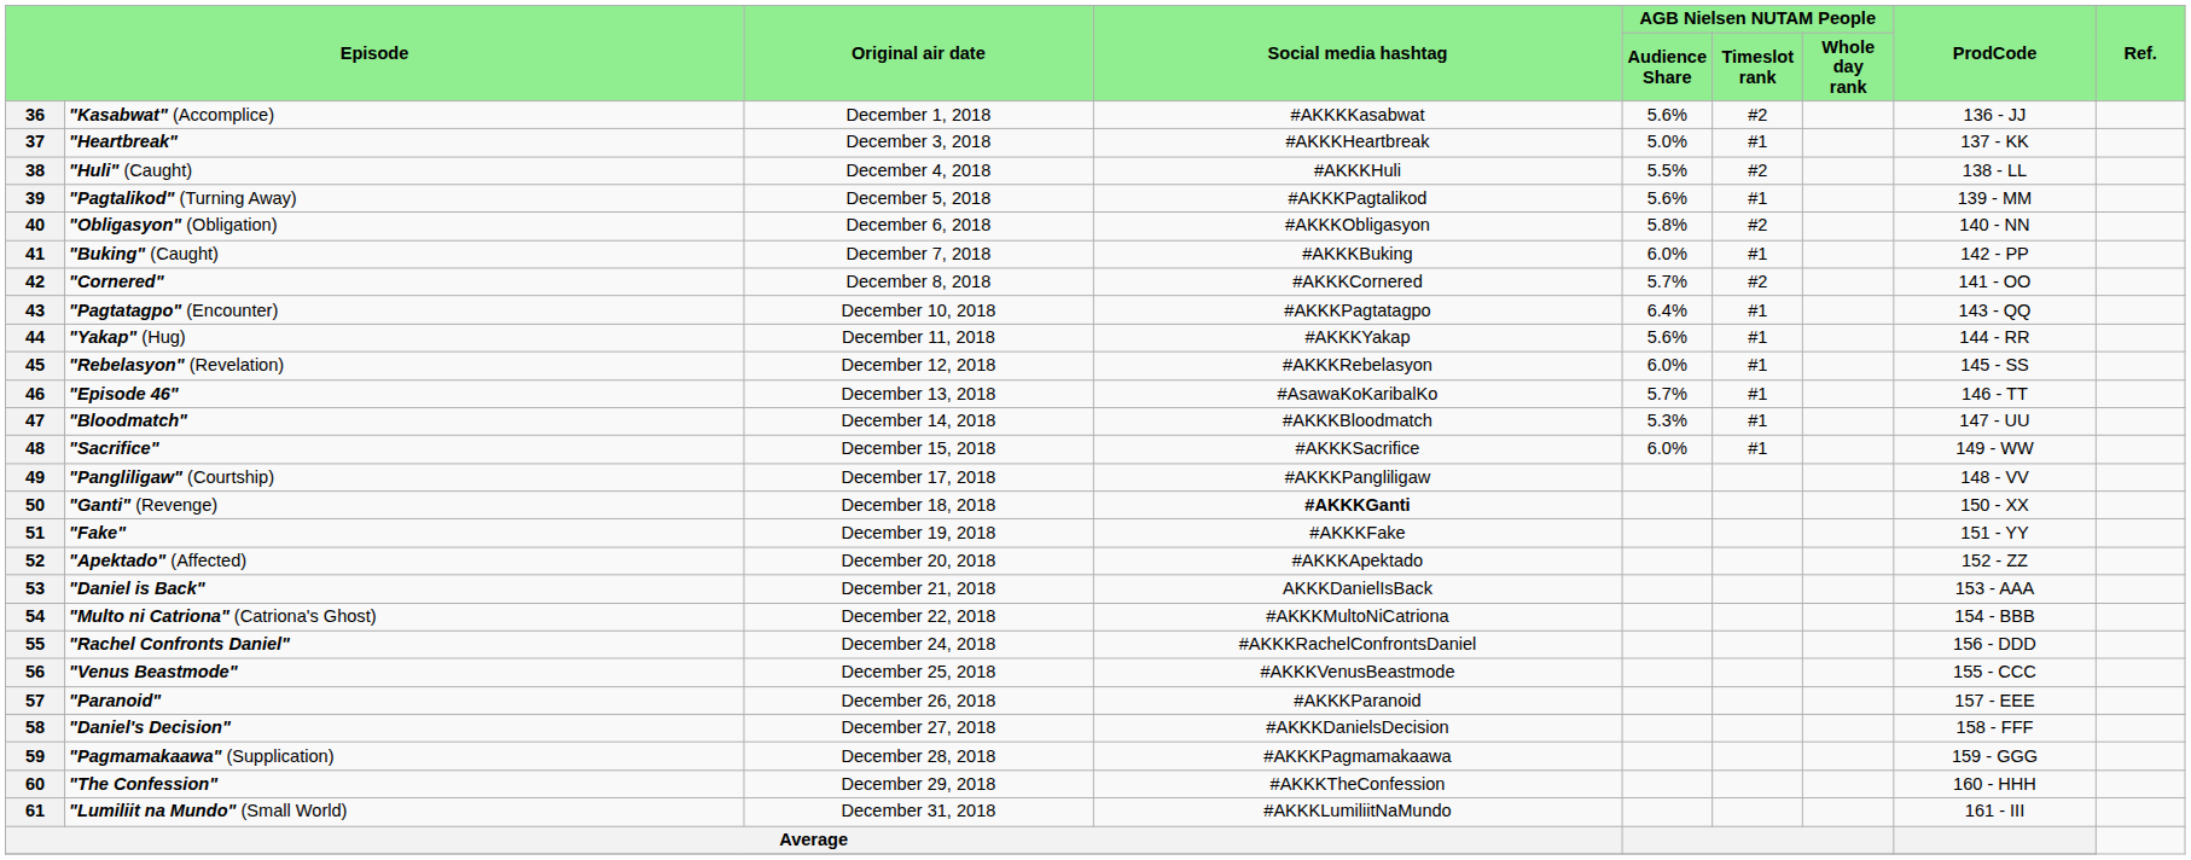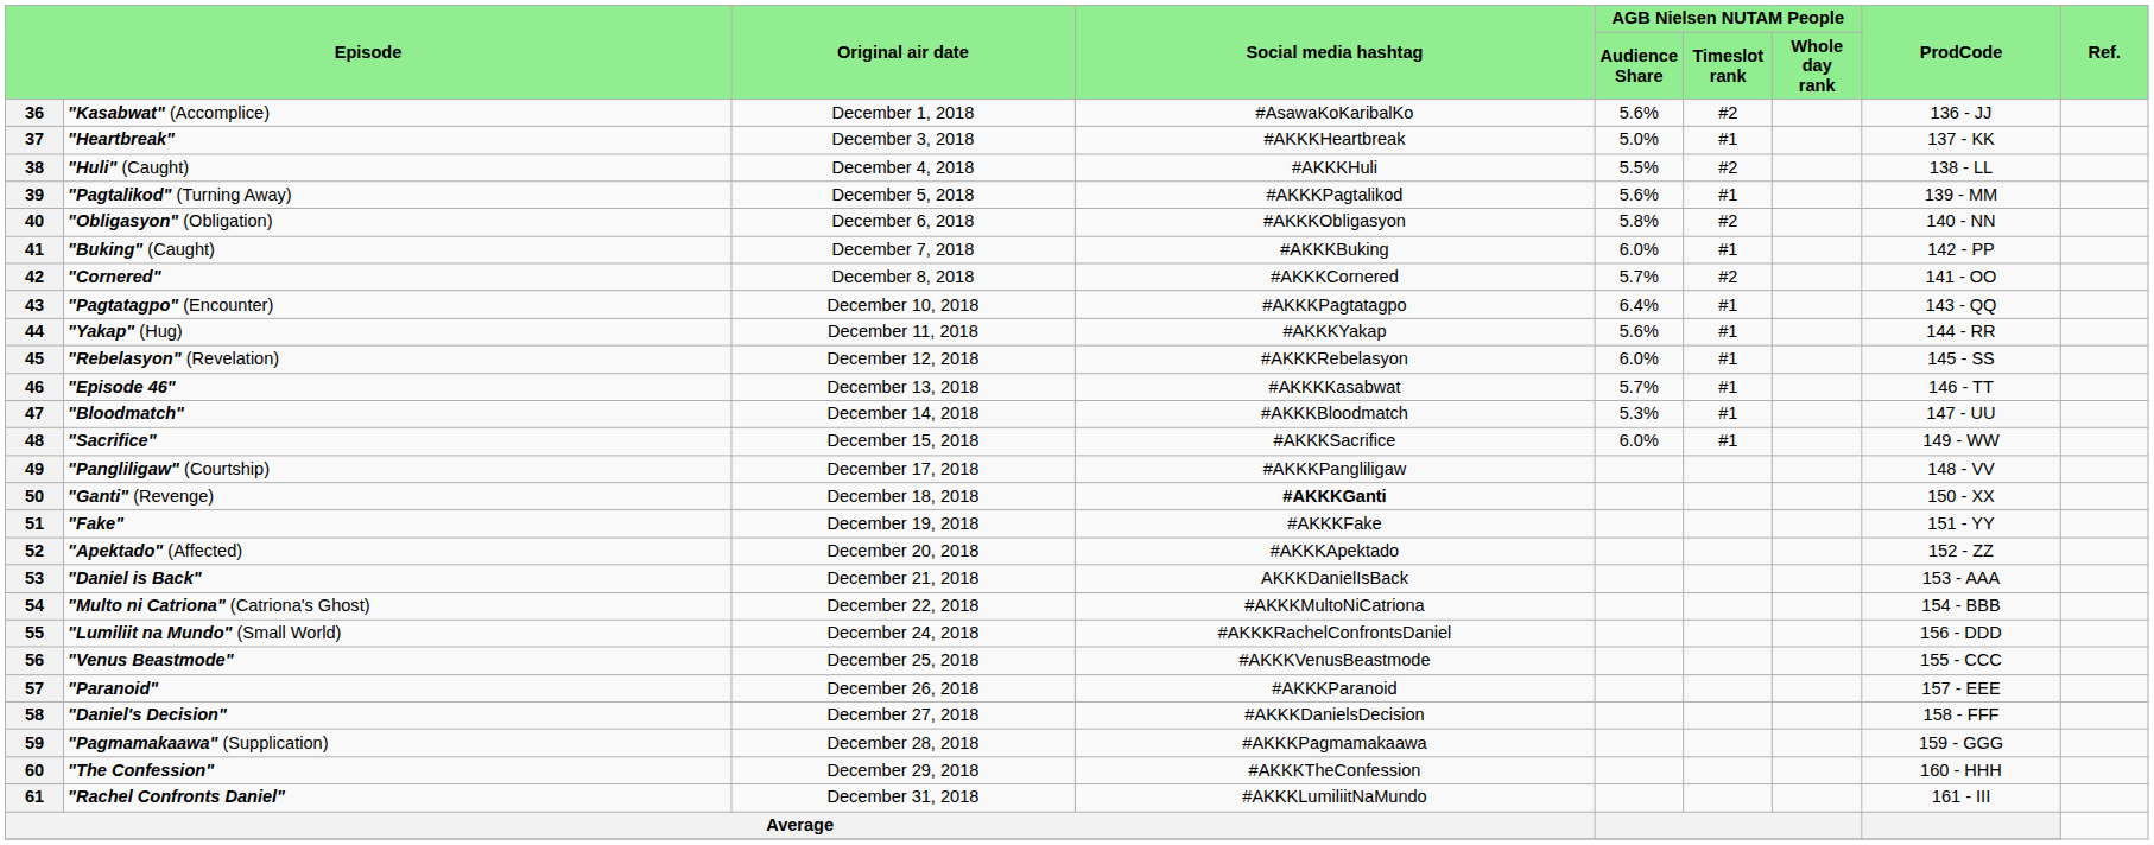 <table class="wikitable" style="text-align:center; font-size:100%; line-height:18px;" width="100%">
 <tr>
 <th style="background-color:#90EE90; color:#000000;" colspan="2" rowspan="2">Episode</th>
 <th style="background-color:#90EE90; color:black" rowspan="2">Original air date</th>
 <th style="background-color:#90EE90; color:black" rowspan="2">Social media hashtag</th>
 <th style="background-color:#90EE90; color:#000000;" colspan="3">AGB Nielsen NUTAM People</th>
 <th style="background-color:#90EE90; color:#000000;" rowspan="2">ProdCode</th>
 <th style="background-color:#90EE90; color:#000000;" rowspan="2">Ref.</th>
 </tr>
 <tr>
 <th style="background-color:#90EE90; width:75px; color:#000000;">Audience Share</th>
 <th style="background-color:#90EE90; width:75px; color:#000000;">Timeslot<br>rank</th>
 <th style="background-color:#90EE90; width:75px; color:#000000;">Whole day<br>rank</th>
 </tr>
 <tr>
 <th>36</th>
 <td style="text-align: left;"><strong><em>"Kasabwat"</em></strong> (Accomplice)</td>
 <td>December 1, 2018</td>
-<td>#AKKKKasabwat</td>
+<td>#AsawaKoKaribalKo</td>
 <td>5.6%</td>
 <td>#2</td>
 <td></td>
 <td>136 - JJ</td>
 <td></td>
 </tr>
 <tr>
 <th>37</th>
 <td style="text-align: left;"><strong><em>"Heartbreak"</em></strong></td>
 <td>December 3, 2018</td>
 <td>#AKKKHeartbreak</td>
 <td>5.0%</td>
 <td>#1</td>
 <td></td>
 <td>137 - KK</td>
 <td></td>
 </tr>
 <tr>
 <th>38</th>
 <td style="text-align: left;"><strong><em>"Huli"</em></strong> (Caught)</td>
 <td>December 4, 2018</td>
 <td>#AKKKHuli</td>
 <td>5.5%</td>
 <td>#2</td>
 <td></td>
 <td>138 - LL</td>
 <td></td>
 </tr>
 <tr>
 <th>39</th>
 <td style="text-align: left;"><strong><em>"Pagtalikod"</em></strong> (Turning Away)</td>
 <td>December 5, 2018</td>
 <td>#AKKKPagtalikod</td>
 <td>5.6%</td>
 <td>#1</td>
 <td></td>
 <td>139 - MM</td>
 <td></td>
 </tr>
 <tr>
 <th>40</th>
 <td style="text-align: left;"><strong><em>"Obligasyon"</em></strong> (Obligation)</td>
 <td>December 6, 2018</td>
 <td>#AKKKObligasyon</td>
 <td>5.8%</td>
 <td>#2</td>
 <td></td>
 <td>140 - NN</td>
 <td></td>
 </tr>
 <tr>
 <th>41</th>
 <td style="text-align: left;"><strong><em>"Buking"</em></strong> (Caught)</td>
 <td>December 7, 2018</td>
 <td>#AKKKBuking</td>
 <td>6.0%</td>
 <td>#1</td>
 <td></td>
 <td>142 - PP</td>
 <td></td>
 </tr>
 <tr>
 <th>42</th>
 <td style="text-align: left;"><strong><em>"Cornered"</em></strong></td>
 <td>December 8, 2018</td>
 <td>#AKKKCornered</td>
 <td>5.7%</td>
 <td>#2</td>
 <td></td>
 <td>141 - OO</td>
 <td></td>
 </tr>
 <tr>
 <th>43</th>
 <td style="text-align: left;"><strong><em>"Pagtatagpo"</em></strong> (Encounter)</td>
 <td>December 10, 2018</td>
 <td>#AKKKPagtatagpo</td>
 <td>6.4%</td>
 <td>#1</td>
 <td></td>
 <td>143 - QQ</td>
 <td></td>
 </tr>
 <tr>
 <th>44</th>
 <td style="text-align: left;"><strong><em>"Yakap"</em></strong> (Hug)</td>
 <td>December 11, 2018</td>
 <td>#AKKKYakap</td>
 <td>5.6%</td>
 <td>#1</td>
 <td></td>
 <td>144 - RR</td>
 <td></td>
 </tr>
 <tr>
 <th>45</th>
 <td style="text-align: left;"><strong><em>"Rebelasyon"</em></strong> (Revelation)</td>
 <td>December 12, 2018</td>
 <td>#AKKKRebelasyon</td>
 <td>6.0%</td>
 <td>#1</td>
 <td></td>
 <td>145 - SS</td>
 <td></td>
 </tr>
 <tr>
 <th>46</th>
 <td style="text-align: left;"><strong><em>"Episode 46"</em></strong></td>
 <td>December 13, 2018</td>
-<td>#AsawaKoKaribalKo</td>
+<td>#AKKKKasabwat</td>
 <td>5.7%</td>
 <td>#1</td>
 <td></td>
 <td>146 - TT</td>
 <td></td>
 </tr>
 <tr>
 <th>47</th>
 <td style="text-align: left;"><strong><em>"Bloodmatch"</em></strong></td>
 <td>December 14, 2018</td>
 <td>#AKKKBloodmatch</td>
 <td>5.3%</td>
 <td>#1</td>
 <td></td>
 <td>147 - UU</td>
 <td></td>
 </tr>
 <tr>
 <th>48</th>
 <td style="text-align: left;"><strong><em>"Sacrifice"</em></strong></td>
 <td>December 15, 2018</td>
 <td>#AKKKSacrifice</td>
 <td>6.0%</td>
 <td>#1</td>
 <td></td>
 <td>149 - WW</td>
 <td></td>
 </tr>
 <tr>
 <th>49</th>
 <td style="text-align: left;"><strong><em>"Pangliligaw"</em></strong> (Courtship)</td>
 <td>December 17, 2018</td>
 <td>#AKKKPangliligaw</td>
 <td></td>
 <td></td>
 <td></td>
 <td>148 - VV</td>
 <td></td>
 </tr>
 <tr>
 <th>50</th>
 <td style="text-align: left;"><strong><em>"Ganti"</em></strong> (Revenge)</td>
 <td>December 18, 2018</td>
 <td><strong>#AKKKGanti</strong></td>
 <td></td>
 <td></td>
 <td></td>
 <td>150 - XX</td>
 <td></td>
 </tr>
 <tr>
 <th>51</th>
 <td style="text-align: left;"><strong><em>"Fake"</em></strong></td>
 <td>December 19, 2018</td>
 <td>#AKKKFake</td>
 <td></td>
 <td></td>
 <td></td>
 <td>151 - YY</td>
 <td></td>
 </tr>
 <tr>
 <th>52</th>
 <td style="text-align: left;"><strong><em>"Apektado"</em></strong> (Affected)</td>
 <td>December 20, 2018</td>
 <td>#AKKKApektado</td>
 <td></td>
 <td></td>
 <td></td>
 <td>152 - ZZ</td>
 <td></td>
 </tr>
 <tr>
 <th>53</th>
 <td style="text-align: left;"><strong><em>"Daniel is Back"</em></strong></td>
 <td>December 21, 2018</td>
 <td>AKKKDanielIsBack</td>
 <td></td>
 <td></td>
 <td></td>
 <td>153 - AAA</td>
 <td></td>
 </tr>
 <tr>
 <th>54</th>
 <td style="text-align: left;"><strong><em>"Multo ni Catriona"</em></strong> (Catriona's Ghost)</td>
 <td>December 22, 2018</td>
 <td>#AKKKMultoNiCatriona</td>
 <td></td>
 <td></td>
 <td></td>
 <td>154 - BBB</td>
 <td></td>
 </tr>
 <tr>
 <th>55</th>
-<td style="text-align: left;"><strong><em>"Rachel Confronts Daniel"</em></strong></td>
+<td style="text-align: left;"><strong><em>"Lumiliit na Mundo"</em></strong> (Small World)</td>
 <td>December 24, 2018</td>
 <td>#AKKKRachelConfrontsDaniel</td>
 <td></td>
 <td></td>
 <td></td>
 <td>156 - DDD</td>
 <td></td>
 </tr>
 <tr>
 <th>56</th>
 <td style="text-align: left;"><strong><em>"Venus Beastmode"</em></strong></td>
 <td>December 25, 2018</td>
 <td>#AKKKVenusBeastmode</td>
 <td></td>
 <td></td>
 <td></td>
 <td>155 - CCC</td>
 <td></td>
 </tr>
 <tr>
 <th>57</th>
 <td style="text-align: left;"><strong><em>"Paranoid"</em></strong></td>
 <td>December 26, 2018</td>
 <td>#AKKKParanoid</td>
 <td></td>
 <td></td>
 <td></td>
 <td>157 - EEE</td>
 <td></td>
 </tr>
 <tr>
 <th>58</th>
 <td style="text-align: left;"><strong><em>"Daniel's Decision"</em></strong></td>
 <td>December 27, 2018</td>
 <td>#AKKKDanielsDecision</td>
 <td></td>
 <td></td>
 <td></td>
 <td>158 - FFF</td>
 <td></td>
 </tr>
 <tr>
 <th>59</th>
 <td style="text-align: left;"><strong><em>"Pagmamakaawa"</em></strong> (Supplication)</td>
 <td>December 28, 2018</td>
 <td>#AKKKPagmamakaawa</td>
 <td></td>
 <td></td>
 <td></td>
 <td>159 - GGG</td>
 <td></td>
 </tr>
 <tr>
 <th>60</th>
 <td style="text-align: left;"><strong><em>"The Confession"</em></strong></td>
 <td>December 29, 2018</td>
 <td>#AKKKTheConfession</td>
 <td></td>
 <td></td>
 <td></td>
 <td>160 - HHH</td>
 <td></td>
 </tr>
 <tr>
 <th>61</th>
-<td style="text-align: left;"><strong><em>"Lumiliit na Mundo"</em></strong> (Small World)</td>
+<td style="text-align: left;"><strong><em>"Rachel Confronts Daniel"</em></strong></td>
 <td>December 31, 2018</td>
 <td>#AKKKLumiliitNaMundo</td>
 <td></td>
 <td></td>
 <td></td>
 <td>161 - III</td>
 <td></td>
 </tr>
 <tr>
 <th colspan="4">Average</th>
 <th colspan="3"></th>
 <th></th>
 </tr>
 <tr>
 </tr>
 </table>
